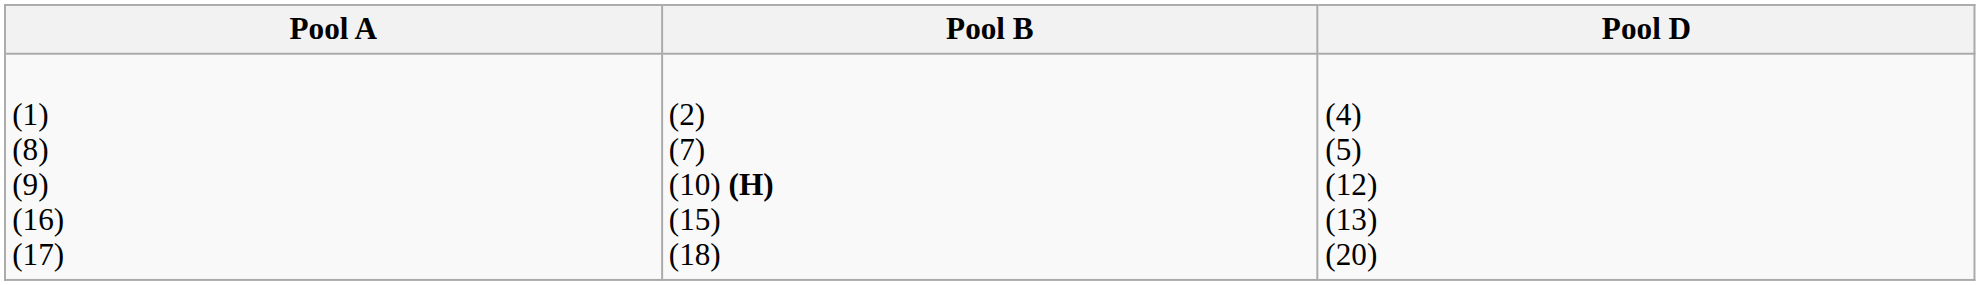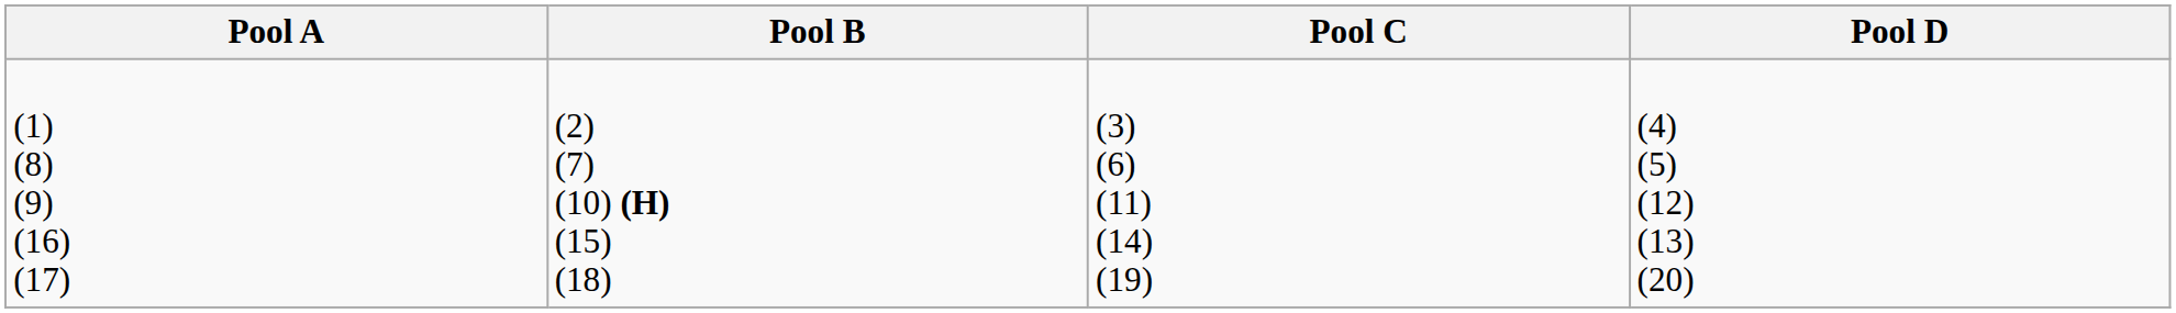 <table class="wikitable" width=80%>
 <tr>
 <th width=25%><strong>Pool A</strong></th>
 <th width=25%><strong>Pool B</strong></th>
+<th width=25%><strong>Pool C</strong></th>
 <th width=25%><strong>Pool D</strong></th>
 </tr>
 <tr>
 <td><br> (1) <br>  (8) <br>  (9) <br>  (16) <br>  (17) <br></td>
 <td><br> (2) <br>  (7)<br>   (10) <strong>(H)</strong><br>   (15) <br>  (18) <br></td>
+<td><br> (3) <br>   (6) <br>   (11) <br>   (14) <br>  (19) <br></td>
 <td><br> (4) <br>  (5) <br>  (12) <br>  (13) <br>  (20) <br></td>
 </tr>
 </table>
